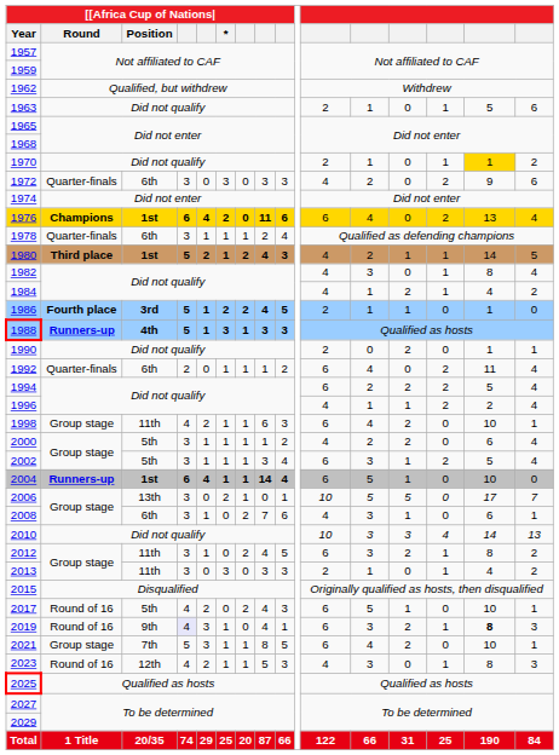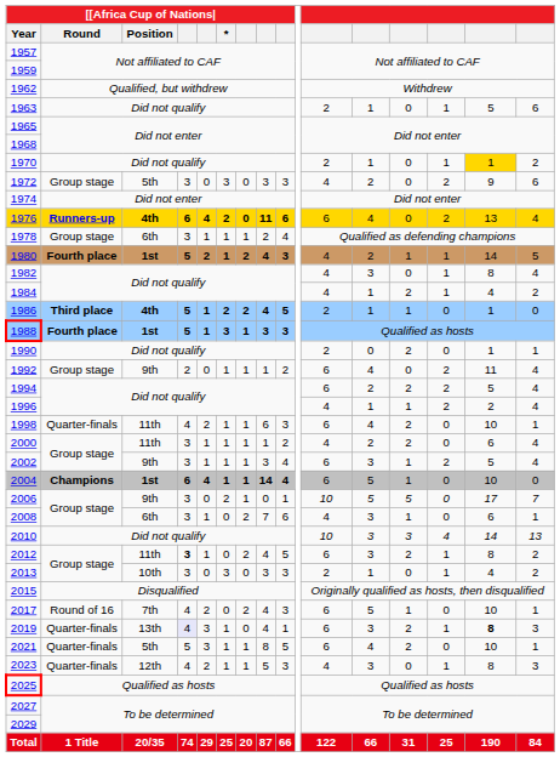 <table class="wikitable" style="font-size:90%; text-align:center">
 <tr>
 <th colspan="9" style="background:#ED1C24; color:white; ">[[Africa Cup of Nations|</th>
 <th rowspan="40" style="width:1%;background:white"></th>
 <th colspan="6" style="background:#ED1C24; color:white; "></th>
 </tr>
 <tr>
 <th>Year</th>
 <th>Round</th>
 <th>Position</th>
 <th></th>
 <th></th>
 <th>*</th>
 <th></th>
 <th></th>
 <th></th>
 <th></th>
 <th></th>
 <th></th>
 <th></th>
 <th></th>
 <th></th>
 </tr>
 <tr>
 <td> <a href='#'>1957</a></td>
 <td colspan=8 rowspan=2><em>Not affiliated to CAF</em></td>
 <td colspan=6 rowspan=2><em>Not affiliated to CAF</em></td>
 </tr>
 <tr>
 <td> <a href='#'>1959</a></td>
 </tr>
 <tr>
 <td> <a href='#'>1962</a></td>
 <td colspan=8><em>Qualified, but withdrew</em></td>
 <td colspan=6><em>Withdrew</em></td>
 </tr>
 <tr>
 <td> <a href='#'>1963</a></td>
 <td colspan=8><em>Did not qualify</em></td>
 <td>2</td>
 <td>1</td>
 <td>0</td>
 <td>1</td>
 <td>5</td>
 <td>6</td>
 </tr>
 <tr>
 <td> <a href='#'>1965</a></td>
 <td colspan=8 rowspan=2><em>Did not enter</em></td>
 <td colspan=6 rowspan=2><em>Did not enter</em></td>
 </tr>
 <tr>
 <td> <a href='#'>1968</a></td>
 </tr>
 <tr>
 <td> <a href='#'>1970</a></td>
 <td colspan=8><em>Did not qualify</em></td>
 <td>2</td>
 <td>1</td>
 <td>0</td>
 <td>1</td>
 <td style="background: gold;">1</td>
 <td>2</td>
 </tr>
 <tr>
 <td> <a href='#'>1972</a></td>
-<td>Quarter-finals</td>
-<td>6th</td>
+<td>Group stage</td>
+<td>5th</td>
 <td>3</td>
 <td>0</td>
 <td>3</td>
 <td>0</td>
 <td>3</td>
 <td>3</td>
 <td>4</td>
 <td>2</td>
 <td>0</td>
 <td>2</td>
 <td>9</td>
 <td>6</td>
 </tr>
 <tr>
 <td> <a href='#'>1974</a></td>
 <td colspan=8><em>Did not enter</em></td>
 <td colspan=6><em>Did not enter</em></td>
 </tr>
 <tr style="background:Gold;">
 <td> <a href='#'>1976</a></td>
-<td><strong>Champions</strong></td>
-<td><strong>1st</strong></td>
+<td><strong><a href='#'>Runners-up</a></strong></td>
+<td><strong>4th</strong></td>
 <td><strong>6</strong></td>
 <td><strong>4</strong></td>
 <td><strong>2</strong></td>
 <td><strong>0</strong></td>
 <td><strong>11</strong></td>
 <td><strong>6</strong></td>
 <td>6</td>
 <td>4</td>
 <td>0</td>
 <td>2</td>
 <td>13</td>
 <td>4</td>
 </tr>
 <tr>
 <td> <a href='#'>1978</a></td>
-<td>Quarter-finals</td>
+<td>Group stage</td>
 <td>6th</td>
 <td>3</td>
 <td>1</td>
 <td>1</td>
 <td>1</td>
 <td>2</td>
 <td>4</td>
 <td colspan=6><em>Qualified as defending champions</em></td>
 </tr>
 <tr style="background:#c96;">
 <td> <a href='#'>1980</a></td>
-<td><strong>Third place</strong></td>
+<td><strong>Fourth place</strong></td>
 <td><strong>1st</strong></td>
 <td><strong>5</strong></td>
 <td><strong>2</strong></td>
 <td><strong>1</strong></td>
 <td><strong>2</strong></td>
 <td><strong>4</strong></td>
 <td><strong>3</strong></td>
 <td>4</td>
 <td>2</td>
 <td>1</td>
 <td>1</td>
 <td>14</td>
 <td>5</td>
 </tr>
 <tr>
 <td> <a href='#'>1982</a></td>
 <td colspan=8 rowspan=2><em>Did not qualify</em></td>
 <td>4</td>
 <td>3</td>
 <td>0</td>
 <td>1</td>
 <td>8</td>
 <td>4</td>
 </tr>
 <tr>
 <td> <a href='#'>1984</a></td>
 <td>4</td>
 <td>1</td>
 <td>2</td>
 <td>1</td>
 <td>4</td>
 <td>2</td>
 </tr>
 <tr style="background:#9acdff;">
 <td> <a href='#'>1986</a></td>
-<td><strong>Fourth place</strong></td>
-<td><strong>3rd</strong></td>
+<td><strong>Third place</strong></td>
+<td><strong>4th</strong></td>
 <td><strong>5</strong></td>
 <td><strong>1</strong></td>
 <td><strong>2</strong></td>
 <td><strong>2</strong></td>
 <td><strong>4</strong></td>
 <td><strong>5</strong></td>
 <td>2</td>
 <td>1</td>
 <td>1</td>
 <td>0</td>
 <td>1</td>
 <td>0</td>
 </tr>
 <tr style="background:#9acdff;">
 <td style="border: 3px solid red"> <a href='#'>1988</a></td>
-<td><strong><a href='#'>Runners-up</a></strong></td>
-<td><strong>4th</strong></td>
+<td><strong>Fourth place</strong></td>
+<td><strong>1st</strong></td>
 <td><strong>5</strong></td>
 <td><strong>1</strong></td>
 <td><strong>3</strong></td>
 <td><strong>1</strong></td>
 <td><strong>3</strong></td>
 <td><strong>3</strong></td>
 <td colspan=6><em>Qualified as hosts</em></td>
 </tr>
 <tr>
 <td> <a href='#'>1990</a></td>
 <td colspan=8><em>Did not qualify</em></td>
 <td>2</td>
 <td>0</td>
 <td>2</td>
 <td>0</td>
 <td>1</td>
 <td>1</td>
 </tr>
 <tr>
 <td> <a href='#'>1992</a></td>
-<td>Quarter-finals</td>
-<td>6th</td>
+<td>Group stage</td>
+<td>9th</td>
 <td>2</td>
 <td>0</td>
 <td>1</td>
 <td>1</td>
 <td>1</td>
 <td>2</td>
 <td>6</td>
 <td>4</td>
 <td>0</td>
 <td>2</td>
 <td>11</td>
 <td>4</td>
 </tr>
 <tr>
 <td> <a href='#'>1994</a></td>
 <td colspan=8 rowspan=2><em>Did not qualify</em></td>
 <td>6</td>
 <td>2</td>
 <td>2</td>
 <td>2</td>
 <td>5</td>
 <td>4</td>
 </tr>
 <tr>
 <td> <a href='#'>1996</a></td>
 <td>4</td>
 <td>1</td>
 <td>1</td>
 <td>2</td>
 <td>2</td>
 <td>4</td>
 </tr>
 <tr>
 <td> <a href='#'>1998</a></td>
-<td>Group stage</td>
+<td>Quarter-finals</td>
 <td>11th</td>
 <td>4</td>
 <td>2</td>
 <td>1</td>
 <td>1</td>
 <td>6</td>
 <td>3</td>
 <td>6</td>
 <td>4</td>
 <td>2</td>
 <td>0</td>
 <td>10</td>
 <td>1</td>
 </tr>
 <tr>
 <td>  <a href='#'>2000</a></td>
 <td rowspan=2>Group stage</td>
-<td>5th</td>
+<td>11th</td>
 <td>3</td>
 <td>1</td>
 <td>1</td>
 <td>1</td>
 <td>1</td>
 <td>2</td>
 <td>4</td>
 <td>2</td>
 <td>2</td>
 <td>0</td>
 <td>6</td>
 <td>4</td>
 </tr>
 <tr>
 <td> <a href='#'>2002</a></td>
-<td>5th</td>
+<td>9th</td>
 <td>3</td>
 <td>1</td>
 <td>1</td>
 <td>1</td>
 <td>3</td>
 <td>4</td>
 <td>6</td>
 <td>3</td>
 <td>1</td>
 <td>2</td>
 <td>5</td>
 <td>4</td>
 </tr>
 <tr style="background:silver;">
 <td> <a href='#'>2004</a></td>
-<td><strong><a href='#'>Runners-up</a></strong></td>
+<td><strong>Champions</strong></td>
 <td><strong>1st</strong></td>
 <td><strong>6</strong></td>
 <td><strong>4</strong></td>
 <td><strong>1</strong></td>
 <td><strong>1</strong></td>
 <td><strong>14</strong></td>
 <td><strong>4</strong></td>
 <td>6</td>
 <td>5</td>
 <td>1</td>
 <td>0</td>
 <td>10</td>
 <td>0</td>
 </tr>
 <tr>
 <td> <a href='#'>2006</a></td>
 <td rowspan=2>Group stage</td>
-<td>13th</td>
+<td>9th</td>
 <td>3</td>
 <td>0</td>
 <td>2</td>
 <td>1</td>
 <td>0</td>
 <td>1</td>
 <td><em>10</em></td>
 <td><em>5</em></td>
 <td><em>5</em></td>
 <td><em>0</em></td>
 <td><em>17</em></td>
 <td><em>7</em></td>
 </tr>
 <tr>
 <td> <a href='#'>2008</a></td>
 <td>6th</td>
 <td>3</td>
 <td>1</td>
 <td>0</td>
 <td>2</td>
 <td>7</td>
 <td>6</td>
 <td>4</td>
 <td>3</td>
 <td>1</td>
 <td>0</td>
 <td>6</td>
 <td>1</td>
 </tr>
 <tr>
 <td> <a href='#'>2010</a></td>
 <td colspan=8><em>Did not qualify</em></td>
 <td><em>10</em></td>
 <td><em>3</em></td>
 <td><em>3</em></td>
 <td><em>4</em></td>
 <td><em>14</em></td>
 <td><em>13</em></td>
 </tr>
 <tr>
 <td>  <a href='#'>2012</a></td>
 <td rowspan=2>Group stage</td>
 <td>11th</td>
-<td>3</td>
+<td><strong>3</strong></td>
 <td>1</td>
 <td>0</td>
 <td>2</td>
 <td>4</td>
 <td>5</td>
 <td>6</td>
 <td>3</td>
 <td>2</td>
 <td>1</td>
 <td>8</td>
 <td>2</td>
 </tr>
 <tr>
 <td> <a href='#'>2013</a></td>
-<td>11th</td>
+<td>10th</td>
 <td>3</td>
 <td>0</td>
 <td>3</td>
 <td>0</td>
 <td>3</td>
 <td>3</td>
 <td>2</td>
 <td>1</td>
 <td>0</td>
 <td>1</td>
 <td>4</td>
 <td>2</td>
 </tr>
 <tr>
 <td> <a href='#'>2015</a></td>
 <td colspan=8><em>Disqualified</em></td>
 <td colspan=6><em>Originally qualified as hosts, then disqualified</em></td>
 </tr>
 <tr>
 <td> <a href='#'>2017</a></td>
 <td>Round of 16</td>
-<td>5th</td>
+<td>7th</td>
 <td>4</td>
 <td>2</td>
 <td>0</td>
 <td>2</td>
 <td>4</td>
 <td>3</td>
 <td>6</td>
 <td>5</td>
 <td>1</td>
 <td>0</td>
 <td>10</td>
 <td>1</td>
 </tr>
 <tr>
 <td> <a href='#'>2019</a></td>
-<td>Round of 16</td>
-<td>9th</td>
+<td>Quarter-finals</td>
+<td>13th</td>
 <td style="background: lavender;">4</td>
 <td>3</td>
 <td>1</td>
 <td>0</td>
 <td>4</td>
 <td>1</td>
 <td>6</td>
 <td>3</td>
 <td>2</td>
 <td>1</td>
 <td><strong>8</strong></td>
 <td>3</td>
 </tr>
 <tr>
 <td> <a href='#'>2021</a></td>
-<td>Group stage</td>
-<td>7th</td>
+<td>Quarter-finals</td>
+<td>5th</td>
 <td>5</td>
 <td>3</td>
 <td>1</td>
 <td>1</td>
 <td>8</td>
 <td>5</td>
 <td>6</td>
 <td>4</td>
 <td>2</td>
 <td>0</td>
 <td>10</td>
 <td>1</td>
 </tr>
 <tr>
 <td> <a href='#'>2023</a></td>
-<td>Round of 16</td>
+<td>Quarter-finals</td>
 <td>12th</td>
 <td>4</td>
 <td>2</td>
 <td>1</td>
 <td>1</td>
 <td>5</td>
 <td>3</td>
 <td>4</td>
 <td>3</td>
 <td>0</td>
 <td>1</td>
 <td>8</td>
 <td>3</td>
 </tr>
 <tr>
 <td style="border: 3px solid red"> <a href='#'>2025</a></td>
 <td colspan="8"><em>Qualified as hosts</em></td>
 <td colspan="6"><em>Qualified as hosts</em></td>
 </tr>
 <tr>
 <td>   <a href='#'>2027</a></td>
 <td colspan="8" rowspan="2"><em>To be determined</em></td>
 <td colspan="6" rowspan="2"><em>To be determined</em></td>
 </tr>
 <tr>
 <td> <a href='#'>2029</a></td>
 </tr>
 <tr>
 <th style="background:#E70013; color:white;">Total</th>
 <th style="background:#E70013; color:white;">1 Title</th>
 <th style="background:#E70013; color:white;">20/35</th>
 <th style="background:#E70013; color:white;">74</th>
 <th style="background:#E70013; color:white;">29</th>
 <th style="background:#E70013; color:white;">25</th>
 <th style="background:#E70013; color:white;">20</th>
 <th style="background:#E70013; color:white;">87</th>
 <th style="background:#E70013; color:white;">66</th>
 <th style="background:#E70013; color:white;">122</th>
 <th style="background:#E70013; color:white;">66</th>
 <th style="background:#E70013; color:white;">31</th>
 <th style="background:#E70013; color:white;">25</th>
 <th style="background:#E70013; color:white;">190</th>
 <th style="background:#E70013; color:white;">84</th>
 </tr>
 </table>
